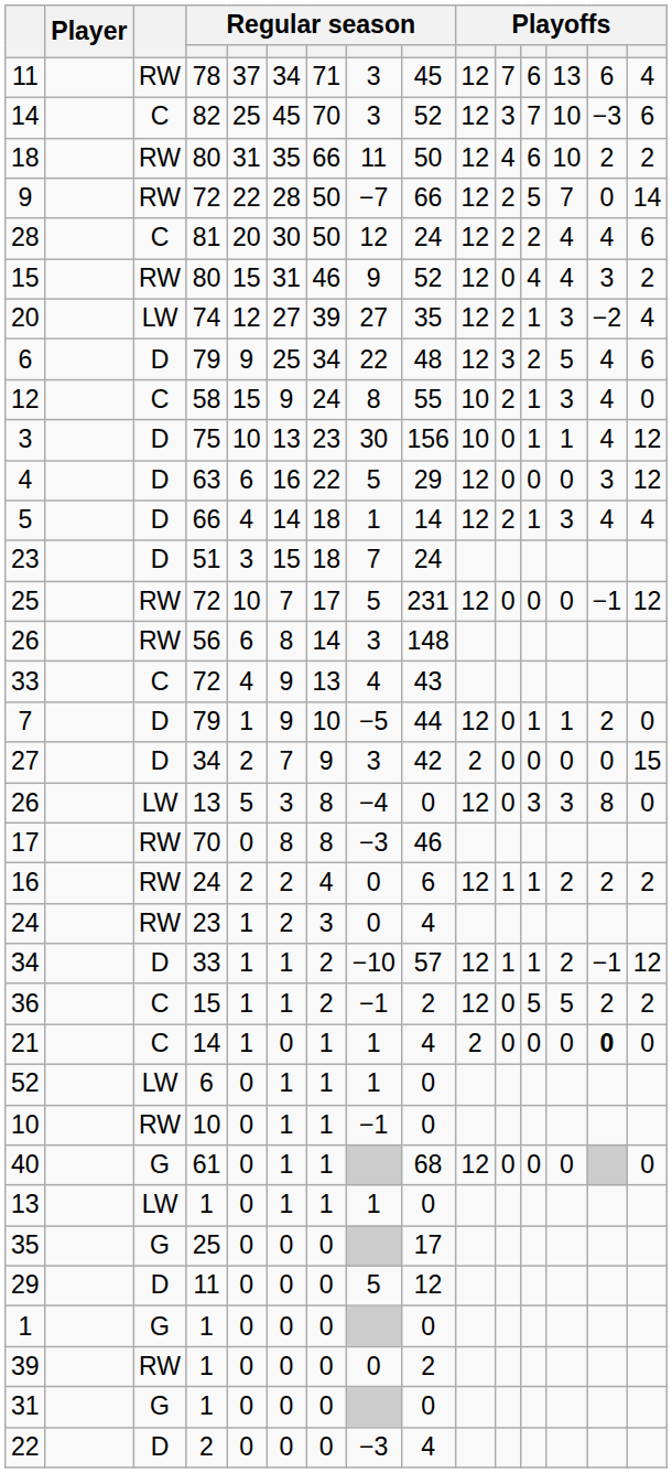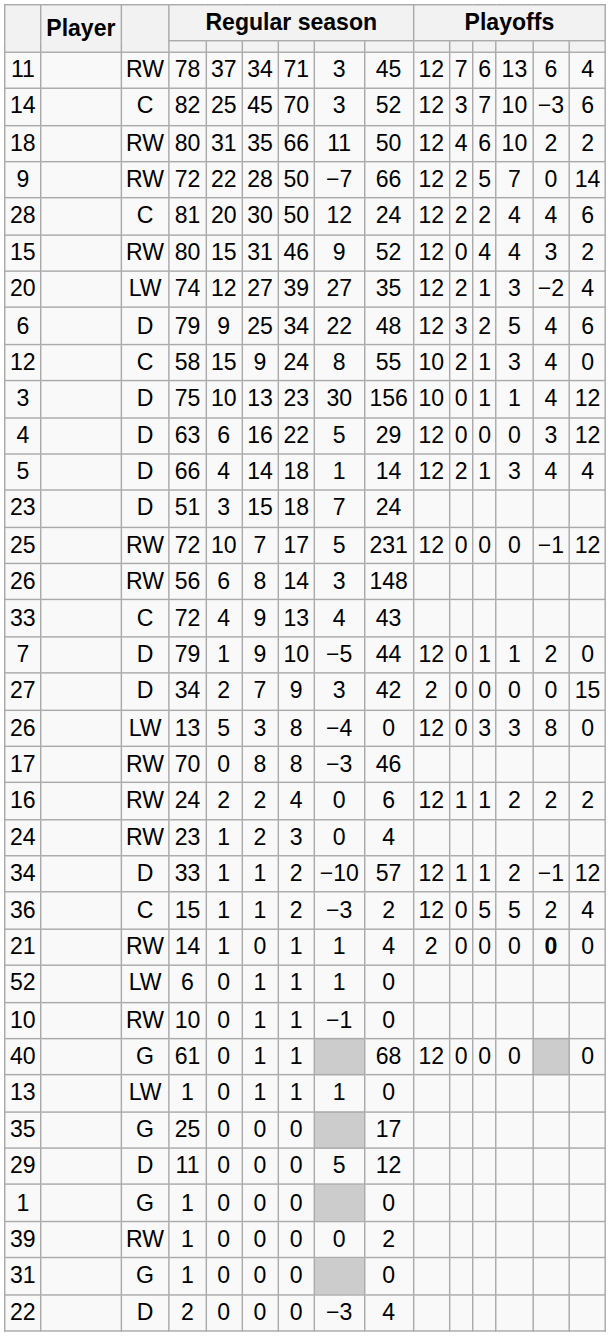 <table class="wikitable sortable plainrowheaders" style="text-align:center;">
 <tr>
 <th scope="col" data-sort-type="number" rowspan="2"></th>
 <th scope="col" rowspan="2">Player</th>
 <th scope="col" rowspan="2"></th>
 <th scope=colgroup colspan=6>Regular season</th>
 <th scope=colgroup colspan=6>Playoffs</th>
 </tr>
 <tr>
 <th scope="col" data-sort-type="number"></th>
 <th scope="col" data-sort-type="number"></th>
 <th scope="col" data-sort-type="number"></th>
 <th scope="col" data-sort-type="number"></th>
 <th scope="col" data-sort-type="number"></th>
 <th scope="col" data-sort-type="number"></th>
 <th scope="col" data-sort-type="number"></th>
 <th scope="col" data-sort-type="number"></th>
 <th scope="col" data-sort-type="number"></th>
 <th scope="col" data-sort-type="number"></th>
 <th scope="col" data-sort-type="number"></th>
 <th scope="col" data-sort-type="number"></th>
 </tr>
 <tr>
 <td scope="row">11</td>
 <td align="left"></td>
 <td>RW</td>
 <td>78</td>
 <td>37</td>
 <td>34</td>
 <td>71</td>
 <td>3</td>
 <td>45</td>
 <td>12</td>
 <td>7</td>
 <td>6</td>
 <td>13</td>
 <td>6</td>
 <td>4</td>
 </tr>
 <tr>
 <td scope="row">14</td>
 <td align="left"></td>
 <td>C</td>
 <td>82</td>
 <td>25</td>
 <td>45</td>
 <td>70</td>
 <td>3</td>
 <td>52</td>
 <td>12</td>
 <td>3</td>
 <td>7</td>
 <td>10</td>
 <td>−3</td>
 <td>6</td>
 </tr>
 <tr>
 <td scope="row">18</td>
 <td align="left"></td>
 <td>RW</td>
 <td>80</td>
 <td>31</td>
 <td>35</td>
 <td>66</td>
 <td>11</td>
 <td>50</td>
 <td>12</td>
 <td>4</td>
 <td>6</td>
 <td>10</td>
 <td>2</td>
 <td>2</td>
 </tr>
 <tr>
 <td scope="row">9</td>
 <td align="left"></td>
 <td>RW</td>
 <td>72</td>
 <td>22</td>
 <td>28</td>
 <td>50</td>
 <td>−7</td>
 <td>66</td>
 <td>12</td>
 <td>2</td>
 <td>5</td>
 <td>7</td>
 <td>0</td>
 <td>14</td>
 </tr>
 <tr>
 <td scope="row">28</td>
 <td align="left"></td>
 <td>C</td>
 <td>81</td>
 <td>20</td>
 <td>30</td>
 <td>50</td>
 <td>12</td>
 <td>24</td>
 <td>12</td>
 <td>2</td>
 <td>2</td>
 <td>4</td>
 <td>4</td>
 <td>6</td>
 </tr>
 <tr>
 <td scope="row">15</td>
 <td align="left"></td>
 <td>RW</td>
 <td>80</td>
 <td>15</td>
 <td>31</td>
 <td>46</td>
 <td>9</td>
 <td>52</td>
 <td>12</td>
 <td>0</td>
 <td>4</td>
 <td>4</td>
 <td>3</td>
 <td>2</td>
 </tr>
 <tr>
 <td scope="row">20</td>
 <td align="left"></td>
 <td>LW</td>
 <td>74</td>
 <td>12</td>
 <td>27</td>
 <td>39</td>
 <td>27</td>
 <td>35</td>
 <td>12</td>
 <td>2</td>
 <td>1</td>
 <td>3</td>
 <td>−2</td>
 <td>4</td>
 </tr>
 <tr>
 <td scope="row">6</td>
 <td align="left"></td>
 <td>D</td>
 <td>79</td>
 <td>9</td>
 <td>25</td>
 <td>34</td>
 <td>22</td>
 <td>48</td>
 <td>12</td>
 <td>3</td>
 <td>2</td>
 <td>5</td>
 <td>4</td>
 <td>6</td>
 </tr>
 <tr>
 <td scope="row">12</td>
 <td align="left"></td>
 <td>C</td>
 <td>58</td>
 <td>15</td>
 <td>9</td>
 <td>24</td>
 <td>8</td>
 <td>55</td>
 <td>10</td>
 <td>2</td>
 <td>1</td>
 <td>3</td>
 <td>4</td>
 <td>0</td>
 </tr>
 <tr>
 <td scope="row">3</td>
 <td align="left"></td>
 <td>D</td>
 <td>75</td>
 <td>10</td>
 <td>13</td>
 <td>23</td>
 <td>30</td>
 <td>156</td>
 <td>10</td>
 <td>0</td>
 <td>1</td>
 <td>1</td>
 <td>4</td>
 <td>12</td>
 </tr>
 <tr>
 <td scope="row">4</td>
 <td align="left"></td>
 <td>D</td>
 <td>63</td>
 <td>6</td>
 <td>16</td>
 <td>22</td>
 <td>5</td>
 <td>29</td>
 <td>12</td>
 <td>0</td>
 <td>0</td>
 <td>0</td>
 <td>3</td>
 <td>12</td>
 </tr>
 <tr>
 <td scope="row">5</td>
 <td align="left"></td>
 <td>D</td>
 <td>66</td>
 <td>4</td>
 <td>14</td>
 <td>18</td>
 <td>1</td>
 <td>14</td>
 <td>12</td>
 <td>2</td>
 <td>1</td>
 <td>3</td>
 <td>4</td>
 <td>4</td>
 </tr>
 <tr>
 <td scope="row">23</td>
 <td align="left"></td>
 <td>D</td>
 <td>51</td>
 <td>3</td>
 <td>15</td>
 <td>18</td>
 <td>7</td>
 <td>24</td>
 <td></td>
 <td></td>
 <td></td>
 <td></td>
 <td></td>
 <td></td>
 </tr>
 <tr>
 <td scope="row">25</td>
 <td align="left"></td>
 <td>RW</td>
 <td>72</td>
 <td>10</td>
 <td>7</td>
 <td>17</td>
 <td>5</td>
 <td>231</td>
 <td>12</td>
 <td>0</td>
 <td>0</td>
 <td>0</td>
 <td>−1</td>
 <td>12</td>
 </tr>
 <tr>
 <td scope="row">26</td>
 <td align="left"></td>
 <td>RW</td>
 <td>56</td>
 <td>6</td>
 <td>8</td>
 <td>14</td>
 <td>3</td>
 <td>148</td>
 <td></td>
 <td></td>
 <td></td>
 <td></td>
 <td></td>
 <td></td>
 </tr>
 <tr>
 <td scope="row">33</td>
 <td align="left"></td>
 <td>C</td>
 <td>72</td>
 <td>4</td>
 <td>9</td>
 <td>13</td>
 <td>4</td>
 <td>43</td>
 <td></td>
 <td></td>
 <td></td>
 <td></td>
 <td></td>
 <td></td>
 </tr>
 <tr>
 <td scope="row">7</td>
 <td align="left"></td>
 <td>D</td>
 <td>79</td>
 <td>1</td>
 <td>9</td>
 <td>10</td>
 <td>−5</td>
 <td>44</td>
 <td>12</td>
 <td>0</td>
 <td>1</td>
 <td>1</td>
 <td>2</td>
 <td>0</td>
 </tr>
 <tr>
 <td scope="row">27</td>
 <td align="left"></td>
 <td>D</td>
 <td>34</td>
 <td>2</td>
 <td>7</td>
 <td>9</td>
 <td>3</td>
 <td>42</td>
 <td>2</td>
 <td>0</td>
 <td>0</td>
 <td>0</td>
 <td>0</td>
 <td>15</td>
 </tr>
 <tr>
 <td scope="row">26</td>
 <td align="left"></td>
 <td>LW</td>
 <td>13</td>
 <td>5</td>
 <td>3</td>
 <td>8</td>
 <td>−4</td>
 <td>0</td>
 <td>12</td>
 <td>0</td>
 <td>3</td>
 <td>3</td>
 <td>8</td>
 <td>0</td>
 </tr>
 <tr>
 <td scope="row">17</td>
 <td align="left"></td>
 <td>RW</td>
 <td>70</td>
 <td>0</td>
 <td>8</td>
 <td>8</td>
 <td>−3</td>
 <td>46</td>
 <td></td>
 <td></td>
 <td></td>
 <td></td>
 <td></td>
 <td></td>
 </tr>
 <tr>
 <td scope="row">16</td>
 <td align="left"></td>
 <td>RW</td>
 <td>24</td>
 <td>2</td>
 <td>2</td>
 <td>4</td>
 <td>0</td>
 <td>6</td>
 <td>12</td>
 <td>1</td>
 <td>1</td>
 <td>2</td>
 <td>2</td>
 <td>2</td>
 </tr>
 <tr>
 <td scope="row">24</td>
 <td align="left"></td>
 <td>RW</td>
 <td>23</td>
 <td>1</td>
 <td>2</td>
 <td>3</td>
 <td>0</td>
 <td>4</td>
 <td></td>
 <td></td>
 <td></td>
 <td></td>
 <td></td>
 <td></td>
 </tr>
 <tr>
 <td scope="row">34</td>
 <td align="left"></td>
 <td>D</td>
 <td>33</td>
 <td>1</td>
 <td>1</td>
 <td>2</td>
 <td>−10</td>
 <td>57</td>
 <td>12</td>
 <td>1</td>
 <td>1</td>
 <td>2</td>
 <td>−1</td>
 <td>12</td>
 </tr>
 <tr>
 <td scope="row">36</td>
 <td align="left"></td>
 <td>C</td>
 <td>15</td>
 <td>1</td>
 <td>1</td>
 <td>2</td>
-<td>−1</td>
+<td>−3</td>
 <td>2</td>
 <td>12</td>
 <td>0</td>
 <td>5</td>
 <td>5</td>
 <td>2</td>
-<td>2</td>
+<td>4</td>
 </tr>
 <tr>
 <td scope="row">21</td>
 <td align="left"></td>
-<td>C</td>
+<td>RW</td>
 <td>14</td>
 <td>1</td>
 <td>0</td>
 <td>1</td>
 <td>1</td>
 <td>4</td>
 <td>2</td>
 <td>0</td>
 <td>0</td>
 <td>0</td>
 <td><strong>0</strong></td>
 <td>0</td>
 </tr>
 <tr>
 <td scope="row">52</td>
 <td align="left"></td>
 <td>LW</td>
 <td>6</td>
 <td>0</td>
 <td>1</td>
 <td>1</td>
 <td>1</td>
 <td>0</td>
 <td></td>
 <td></td>
 <td></td>
 <td></td>
 <td></td>
 <td></td>
 </tr>
 <tr>
 <td scope="row">10</td>
 <td align="left"></td>
 <td>RW</td>
 <td>10</td>
 <td>0</td>
 <td>1</td>
 <td>1</td>
 <td>−1</td>
 <td>0</td>
 <td></td>
 <td></td>
 <td></td>
 <td></td>
 <td></td>
 <td></td>
 </tr>
 <tr>
 <td scope="row">40</td>
 <td align="left"></td>
 <td>G</td>
 <td>61</td>
 <td>0</td>
 <td>1</td>
 <td>1</td>
 <td style="background:#ccc"></td>
 <td>68</td>
 <td>12</td>
 <td>0</td>
 <td>0</td>
 <td>0</td>
 <td style="background:#ccc"></td>
 <td>0</td>
 </tr>
 <tr>
 <td scope="row">13</td>
 <td align="left"></td>
 <td>LW</td>
 <td>1</td>
 <td>0</td>
 <td>1</td>
 <td>1</td>
 <td>1</td>
 <td>0</td>
 <td></td>
 <td></td>
 <td></td>
 <td></td>
 <td></td>
 <td></td>
 </tr>
 <tr>
 <td scope="row">35</td>
 <td align="left"></td>
 <td>G</td>
 <td>25</td>
 <td>0</td>
 <td>0</td>
 <td>0</td>
 <td style="background:#ccc"></td>
 <td>17</td>
 <td></td>
 <td></td>
 <td></td>
 <td></td>
 <td></td>
 <td></td>
 </tr>
 <tr>
 <td scope="row">29</td>
 <td align="left"></td>
 <td>D</td>
 <td>11</td>
 <td>0</td>
 <td>0</td>
 <td>0</td>
 <td>5</td>
 <td>12</td>
 <td></td>
 <td></td>
 <td></td>
 <td></td>
 <td></td>
 <td></td>
 </tr>
 <tr>
 <td scope="row">1</td>
 <td align="left"></td>
 <td>G</td>
 <td>1</td>
 <td>0</td>
 <td>0</td>
 <td>0</td>
 <td style="background:#ccc"></td>
 <td>0</td>
 <td></td>
 <td></td>
 <td></td>
 <td></td>
 <td></td>
 <td></td>
 </tr>
 <tr>
 <td scope="row">39</td>
 <td align="left"></td>
 <td>RW</td>
 <td>1</td>
 <td>0</td>
 <td>0</td>
 <td>0</td>
 <td>0</td>
 <td>2</td>
 <td></td>
 <td></td>
 <td></td>
 <td></td>
 <td></td>
 <td></td>
 </tr>
 <tr>
 <td scope="row">31</td>
 <td align="left"></td>
 <td>G</td>
 <td>1</td>
 <td>0</td>
 <td>0</td>
 <td>0</td>
 <td style="background:#ccc"></td>
 <td>0</td>
 <td></td>
 <td></td>
 <td></td>
 <td></td>
 <td></td>
 <td></td>
 </tr>
 <tr>
 <td scope="row">22</td>
 <td align="left"></td>
 <td>D</td>
 <td>2</td>
 <td>0</td>
 <td>0</td>
 <td>0</td>
 <td>−3</td>
 <td>4</td>
 <td></td>
 <td></td>
 <td></td>
 <td></td>
 <td></td>
 <td></td>
 </tr>
 </table>
